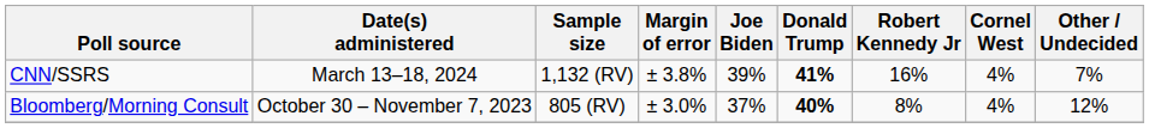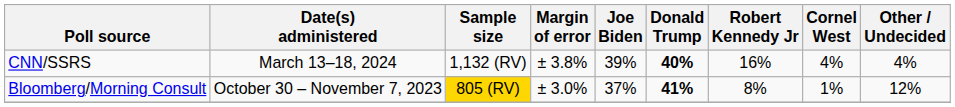 <table class="wikitable sortable mw-datatable" style="font-size:90%;text-align:center;line-height:17px">
 <tr valign=bottom>
 <th>Poll source</th>
 <th>Date(s)<br>administered</th>
 <th>Sample<br>size</th>
 <th>Margin<br>of error</th>
 <th class="unsortable">Joe<br>Biden<br></th>
 <th class="unsortable">Donald<br>Trump<br></th>
 <th class="unsortable">Robert<br>Kennedy Jr<br></th>
 <th class="unsortable">Cornel<br>West<br></th>
 <th class="unsortable">Other /<br>Undecided</th>
 </tr>
 <tr>
 <td style="text-align:left;"><a href='#'>CNN</a>/SSRS</td>
 <td data-sort-value="2024-03-22">March 13–18, 2024</td>
 <td>1,132 (RV)</td>
 <td>± 3.8%</td>
 <td>39%</td>
-<td style="background-color:"><strong>41%</strong></td>
+<td style="background-color:"><strong>40%</strong></td>
 <td>16%</td>
 <td>4%</td>
-<td>7%</td>
+<td>4%</td>
 </tr>
 <tr>
 <td style="text-align:left;"><a href='#'>Bloomberg</a>/<a href='#'>Morning Consult</a></td>
 <td data-sort-value="2023-11-09">October 30 – November 7, 2023</td>
-<td>805 (RV)</td>
+<td style="background: gold;">805 (RV)</td>
 <td>± 3.0%</td>
 <td>37%</td>
-<td style="background-color:"><strong>40%</strong></td>
+<td style="background-color:"><strong>41%</strong></td>
 <td>8%</td>
-<td>4%</td>
+<td>1%</td>
 <td>12%</td>
 </tr>
 <tr>
 </tr>
 </table>
